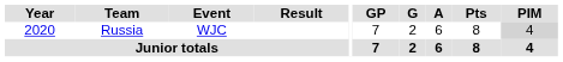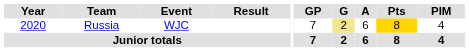 <table border="0" cellpadding="1" cellspacing="0" ID="Table3" style="text-align:center; width:40em">
 <tr bgcolor="#e0e0e0">
 <th>Year</th>
 <th>Team</th>
 <th>Event</th>
 <th>Result</th>
 <th rowspan="99" bgcolor="#ffffff"></th>
 <th>GP</th>
 <th>G</th>
 <th>A</th>
 <th>Pts</th>
 <th>PIM</th>
 </tr>
 <tr>
 <td><a href='#'>2020</a></td>
 <td><a href='#'>Russia</a></td>
 <td><a href='#'>WJC</a></td>
 <td></td>
 <td>7</td>
-<td>2</td>
+<td style="background: khaki;">2</td>
 <td>6</td>
-<td>8</td>
-<td style="background: lightgrey;">4</td>
+<td style="background: gold;">8</td>
+<td>4</td>
 </tr>
 <tr bgcolor="#e0e0e0">
 <th colspan="4">Junior totals</th>
 <th>7</th>
 <th>2</th>
 <th>6</th>
 <th>8</th>
 <th>4</th>
 </tr>
 </table>
